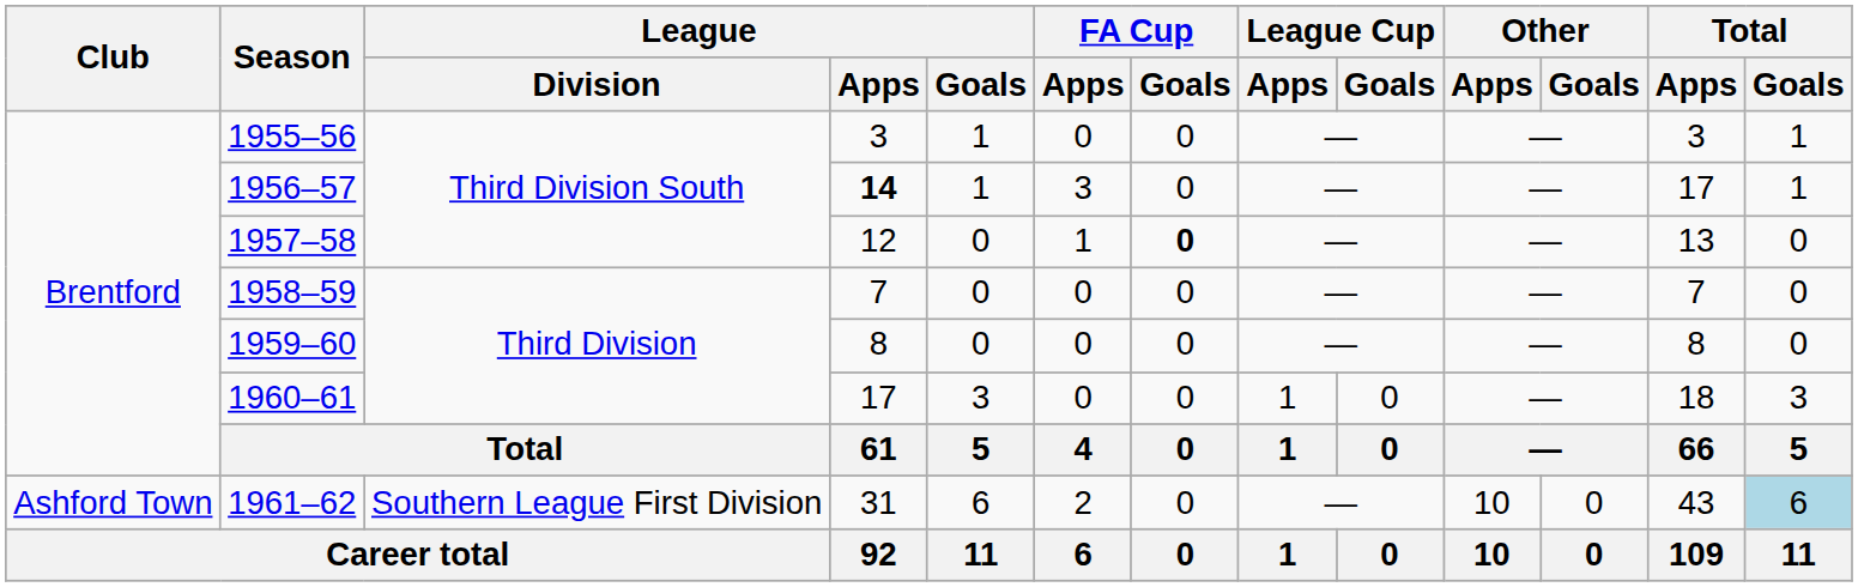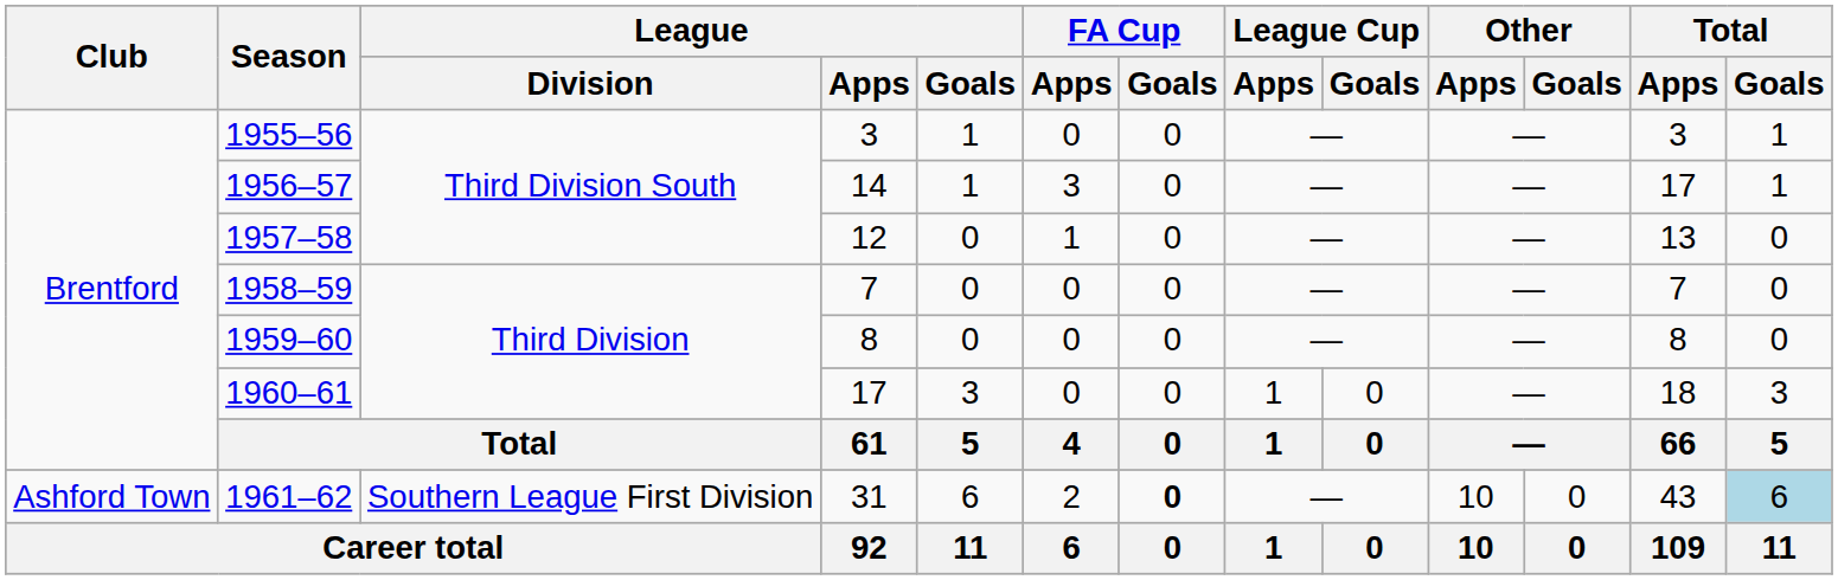 <table class="wikitable" style="text-align: center;">
 <tr>
 <th rowspan="2">Club</th>
 <th rowspan="2">Season</th>
 <th colspan="3">League</th>
 <th colspan="2"><a href='#'>FA Cup</a></th>
 <th colspan="2">League Cup</th>
 <th colspan="2">Other</th>
 <th colspan="2">Total</th>
 </tr>
 <tr>
 <th>Division</th>
 <th>Apps</th>
 <th>Goals</th>
 <th>Apps</th>
 <th>Goals</th>
 <th>Apps</th>
 <th>Goals</th>
 <th>Apps</th>
 <th>Goals</th>
 <th>Apps</th>
 <th>Goals</th>
 </tr>
 <tr>
 <td rowspan="7"><a href='#'>Brentford</a></td>
 <td><a href='#'>1955–56</a></td>
 <td rowspan="3"><a href='#'>Third Division South</a></td>
 <td>3</td>
 <td>1</td>
 <td>0</td>
 <td>0</td>
 <td colspan="2">—</td>
 <td colspan="2">—</td>
 <td>3</td>
 <td>1</td>
 </tr>
 <tr>
 <td><a href='#'>1956–57</a></td>
-<td><strong>14</strong></td>
+<td>14</td>
 <td>1</td>
 <td>3</td>
 <td>0</td>
 <td colspan="2">—</td>
 <td colspan="2">—</td>
 <td>17</td>
 <td>1</td>
 </tr>
 <tr>
 <td><a href='#'>1957–58</a></td>
 <td>12</td>
 <td>0</td>
 <td>1</td>
-<td><strong>0</strong></td>
+<td>0</td>
 <td colspan="2">—</td>
 <td colspan="2">—</td>
 <td>13</td>
 <td>0</td>
 </tr>
 <tr>
 <td><a href='#'>1958–59</a></td>
 <td rowspan="3"><a href='#'>Third Division</a></td>
 <td>7</td>
 <td>0</td>
 <td>0</td>
 <td>0</td>
 <td colspan="2">—</td>
 <td colspan="2">—</td>
 <td>7</td>
 <td>0</td>
 </tr>
 <tr>
 <td><a href='#'>1959–60</a></td>
 <td>8</td>
 <td>0</td>
 <td>0</td>
 <td>0</td>
 <td colspan="2">—</td>
 <td colspan="2">—</td>
 <td>8</td>
 <td>0</td>
 </tr>
 <tr>
 <td><a href='#'>1960–61</a></td>
 <td>17</td>
 <td>3</td>
 <td>0</td>
 <td>0</td>
 <td>1</td>
 <td>0</td>
 <td colspan="2">—</td>
 <td>18</td>
 <td>3</td>
 </tr>
 <tr>
 <th colspan="2">Total</th>
 <th>61</th>
 <th>5</th>
 <th>4</th>
 <th>0</th>
 <th>1</th>
 <th>0</th>
 <th colspan="2">—</th>
 <th>66</th>
 <th>5</th>
 </tr>
 <tr>
 <td><a href='#'>Ashford Town</a></td>
 <td><a href='#'>1961–62</a></td>
 <td><a href='#'>Southern League</a> First Division</td>
 <td>31</td>
 <td>6</td>
 <td>2</td>
-<td>0</td>
+<td><strong>0</strong></td>
 <td colspan="2">—</td>
 <td>10</td>
 <td>0</td>
 <td>43</td>
 <td style="background: lightblue;">6</td>
 </tr>
 <tr>
 <th colspan="3">Career total</th>
 <th>92</th>
 <th>11</th>
 <th>6</th>
 <th>0</th>
 <th>1</th>
 <th>0</th>
 <th>10</th>
 <th>0</th>
 <th>109</th>
 <th>11</th>
 </tr>
 </table>
